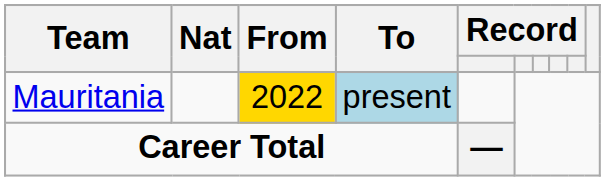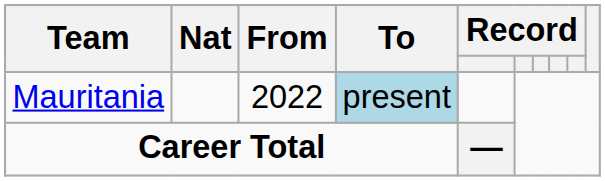 <table class="wikitable" style="text-align: center">
 <tr>
 <th rowspan="2">Team</th>
 <th rowspan="2">Nat</th>
 <th rowspan="2">From</th>
 <th rowspan="2">To</th>
 <th colspan="5">Record</th>
 <th rowspan=2></th>
 </tr>
 <tr>
 <th></th>
 <th></th>
 <th></th>
 <th></th>
 <th></th>
 </tr>
 <tr>
 <td align="left"><a href='#'>Mauritania</a></td>
 <td align="center"></td>
-<td align="center" style="background: gold;">2022</td>
+<td align="center">2022</td>
 <td align="center" style="background: lightblue;">present<br></td>
 <td></td>
 </tr>
 <tr>
 <td colspan=4><strong>Career Total</strong><br></td>
 <th>—</th>
 </tr>
 </table>
